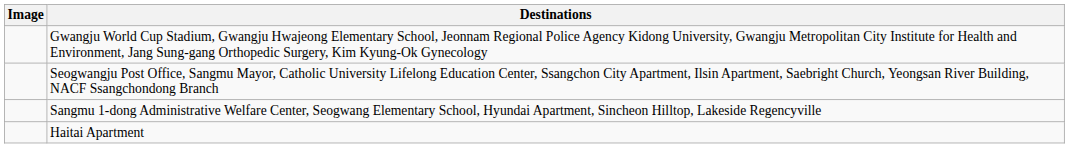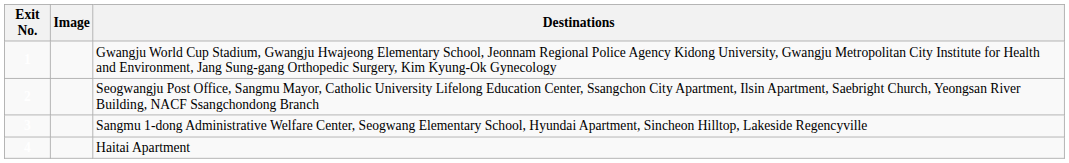 <table class="wikitable">
 <tr>
+<th>Exit No.</th>
 <th>Image</th>
 <th>Destinations</th>
 </tr>
 <tr>
+<td style="text-align:center; color:white;"><strong>1</strong></td>
 <td></td>
 <td>Gwangju World Cup Stadium, Gwangju Hwajeong Elementary School, Jeonnam Regional Police Agency Kidong University, Gwangju Metropolitan City Institute for Health and Environment, Jang Sung-gang Orthopedic Surgery, Kim Kyung-Ok Gynecology</td>
 </tr>
 <tr>
+<td style="text-align:center; color:white;"><strong>2</strong></td>
 <td></td>
 <td>Seogwangju Post Office, Sangmu Mayor, Catholic University Lifelong Education Center, Ssangchon City Apartment, Ilsin Apartment, Saebright Church, Yeongsan River Building, NACF Ssangchondong Branch</td>
 </tr>
 <tr>
+<td style="text-align:center; color:white;"><strong>3</strong></td>
 <td></td>
 <td>Sangmu 1-dong Administrative Welfare Center, Seogwang Elementary School, Hyundai Apartment, Sincheon Hilltop, Lakeside Regencyville</td>
 </tr>
 <tr>
+<td style="text-align:center; color:white;"><strong>4</strong></td>
 <td></td>
 <td>Haitai Apartment</td>
 </tr>
 </table>
